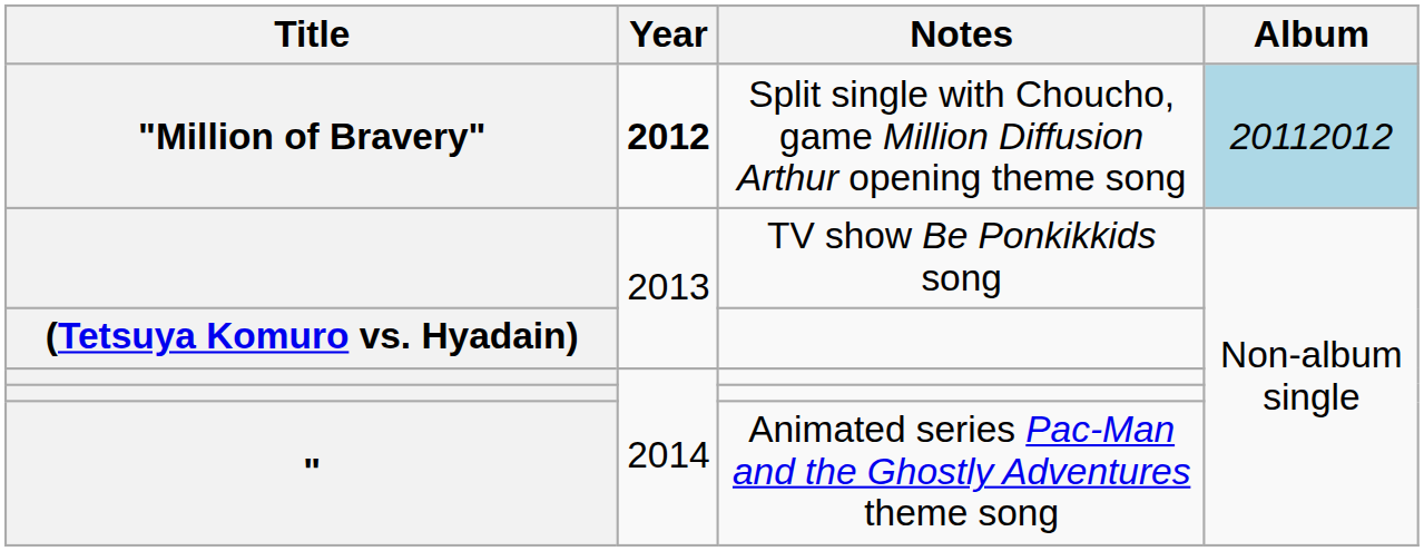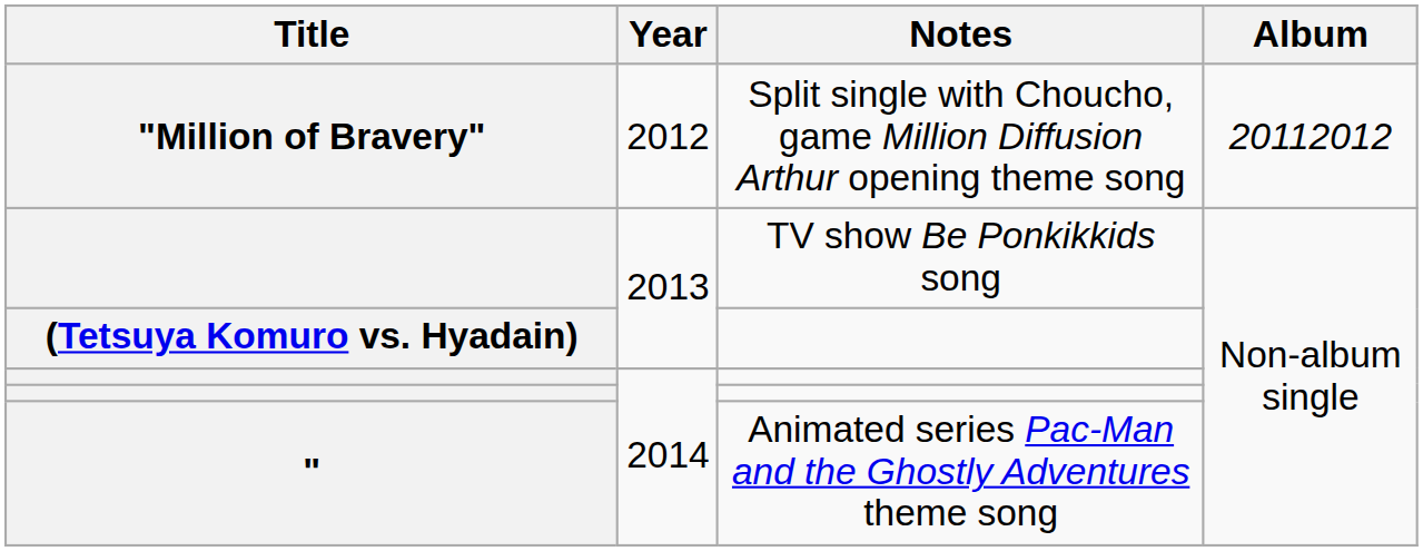 <table class="wikitable plainrowheaders" style="text-align:center;">
 <tr>
 <th scope="col" style="width:16em;">Title</th>
 <th scope="col">Year</th>
 <th scope="col">Notes</th>
 <th scope="col">Album</th>
 </tr>
 <tr>
 <th scope="row">"Million of Bravery"</th>
-<td rowspan="1"><strong>2012</strong></td>
+<td rowspan="1">2012</td>
 <td>Split single with Choucho, game <em>Million Diffusion Arthur</em> opening theme song</td>
-<td rowspan=1 style="background: lightblue;"><em>20112012</em></td>
+<td rowspan=1><em>20112012</em></td>
 </tr>
 <tr>
 <th scope="row"></th>
 <td rowspan="2">2013</td>
 <td>TV show <em>Be Ponkikkids</em> song</td>
 <td rowspan=5>Non-album single</td>
 </tr>
 <tr>
 <th scope="row"> <span>(<a href='#'>Tetsuya Komuro</a> vs. Hyadain)</span></th>
 <td></td>
 </tr>
 <tr>
 <th scope="row"></th>
 <td rowspan="3">2014</td>
 <td></td>
 </tr>
 <tr>
 <th scope="row"></th>
 <td></td>
 </tr>
 <tr>
 <th scope="row">"</th>
 <td>Animated series <em><a href='#'>Pac-Man and the Ghostly Adventures</a></em> theme song</td>
 </tr>
 </table>
